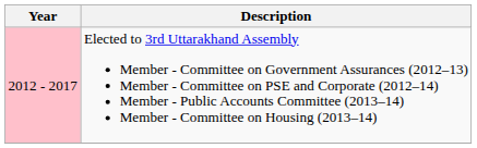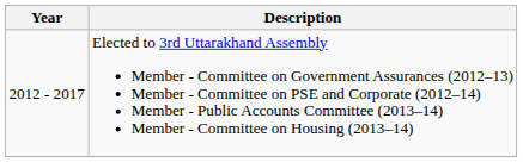 <table class="wikitable">
 <tr>
 <th>Year</th>
 <th>Description</th>
 </tr>
 <tr>
-<td style="background: pink;">2012 - 2017</td>
+<td>2012 - 2017</td>
 <td>Elected to <a href='#'>3rd Uttarakhand Assembly</a><br><ul><li>Member - Committee on Government Assurances (2012–13)</li><li>Member - Committee on PSE and Corporate (2012–14)</li><li>Member - Public Accounts Committee (2013–14)</li><li>Member - Committee on Housing (2013–14)</li></ul></td>
 </tr>
 <tr>
 </tr>
 </table>
